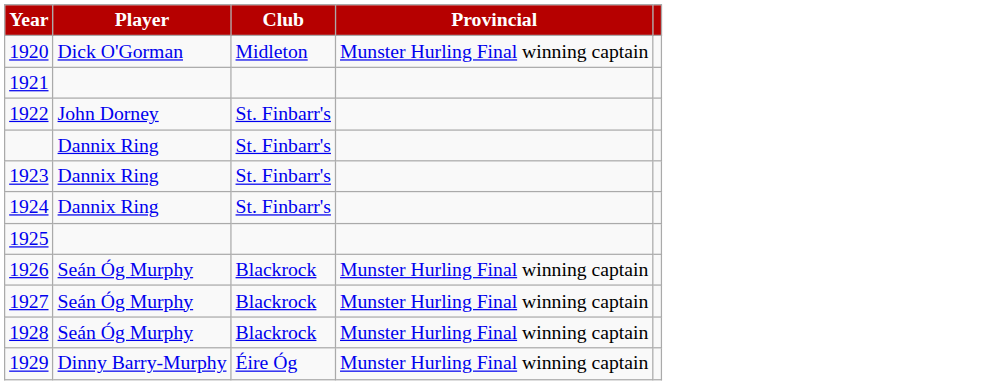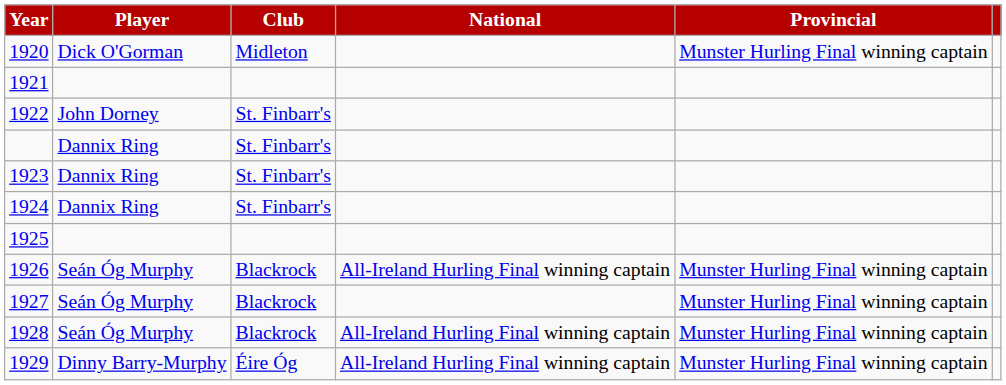 <table class="wikitable">
 <tr style="text-align:center;background:#B60000;color:white">
 <td><strong>Year</strong></td>
 <td><strong>Player</strong></td>
 <td><strong>Club</strong></td>
+<td><strong>National</strong></td>
 <td><strong>Provincial</strong></td>
 <td></td>
 </tr>
 <tr>
 <td style="text-align:left;"><a href='#'>1920</a></td>
 <td style="text-align:left;"><a href='#'>Dick O'Gorman</a></td>
 <td style="text-align:left;"><a href='#'>Midleton</a></td>
+<td></td>
 <td style="text-align:left;"><a href='#'>Munster Hurling Final</a> winning captain</td>
 <td></td>
 </tr>
 <tr>
 <td style="text-align:left;"><a href='#'>1921</a></td>
+<td></td>
 <td></td>
 <td></td>
 <td></td>
 <td></td>
 </tr>
 <tr>
 <td style="text-align:left;"><a href='#'>1922</a></td>
 <td style="text-align:left;"><a href='#'>John Dorney</a></td>
 <td style="text-align:left;"><a href='#'>St. Finbarr's</a></td>
 <td></td>
 <td></td>
+<td></td>
 </tr>
 <tr>
 <td></td>
 <td style="text-align:left;"><a href='#'>Dannix Ring</a></td>
 <td style="text-align:left;"><a href='#'>St. Finbarr's</a></td>
+<td></td>
 <td></td>
 <td></td>
 </tr>
 <tr>
 <td style="text-align:left;"><a href='#'>1923</a></td>
 <td style="text-align:left;"><a href='#'>Dannix Ring</a></td>
 <td style="text-align:left;"><a href='#'>St. Finbarr's</a></td>
 <td></td>
 <td></td>
+<td></td>
 </tr>
 <tr>
 <td style="text-align:left;"><a href='#'>1924</a></td>
 <td style="text-align:left;"><a href='#'>Dannix Ring</a></td>
 <td style="text-align:left;"><a href='#'>St. Finbarr's</a></td>
+<td></td>
 <td></td>
 <td></td>
 </tr>
 <tr>
 <td style="text-align:left;"><a href='#'>1925</a></td>
 <td></td>
 <td></td>
 <td></td>
 <td></td>
+<td></td>
 </tr>
 <tr>
 <td style="text-align:left;"><a href='#'>1926</a></td>
 <td style="text-align:left;"><a href='#'>Seán Óg Murphy</a></td>
 <td style="text-align:left;"><a href='#'>Blackrock</a></td>
+<td style="text-align:left;"><a href='#'>All-Ireland Hurling Final</a> winning captain</td>
 <td style="text-align:left;"><a href='#'>Munster Hurling Final</a> winning captain</td>
 <td></td>
 </tr>
 <tr>
 <td style="text-align:left;"><a href='#'>1927</a></td>
 <td style="text-align:left;"><a href='#'>Seán Óg Murphy</a></td>
 <td style="text-align:left;"><a href='#'>Blackrock</a></td>
+<td></td>
 <td style="text-align:left;"><a href='#'>Munster Hurling Final</a> winning captain</td>
 <td></td>
 </tr>
 <tr>
 <td style="text-align:left;"><a href='#'>1928</a></td>
 <td style="text-align:left;"><a href='#'>Seán Óg Murphy</a></td>
 <td style="text-align:left;"><a href='#'>Blackrock</a></td>
+<td style="text-align:left;"><a href='#'>All-Ireland Hurling Final</a> winning captain</td>
 <td style="text-align:left;"><a href='#'>Munster Hurling Final</a> winning captain</td>
 <td></td>
 </tr>
 <tr>
 <td style="text-align:left;"><a href='#'>1929</a></td>
 <td style="text-align:left;"><a href='#'>Dinny Barry-Murphy</a></td>
 <td style="text-align:left;"><a href='#'>Éire Óg</a></td>
+<td style="text-align:left;"><a href='#'>All-Ireland Hurling Final</a> winning captain</td>
 <td style="text-align:left;"><a href='#'>Munster Hurling Final</a> winning captain</td>
 <td></td>
 </tr>
 </table>
